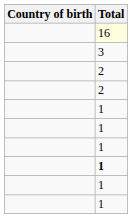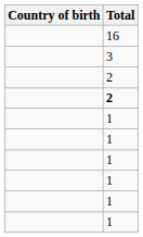 <table class="wikitable sortable">
 <tr>
 <th>Country of birth</th>
 <th>Total</th>
 </tr>
 <tr>
 <td></td>
-<td style="background: lightyellow;">16</td>
+<td>16</td>
 </tr>
 <tr>
 <td></td>
 <td>3</td>
 </tr>
 <tr>
 <td></td>
 <td>2</td>
 </tr>
 <tr>
 <td></td>
-<td>2</td>
+<td><strong>2</strong></td>
 </tr>
 <tr>
 <td></td>
 <td>1</td>
 </tr>
 <tr>
 <td></td>
 <td>1</td>
 </tr>
 <tr>
 <td></td>
 <td>1</td>
 </tr>
 <tr>
 <td></td>
-<td><strong>1</strong></td>
+<td>1</td>
 </tr>
 <tr>
 <td></td>
 <td>1</td>
 </tr>
 <tr>
 <td></td>
 <td>1</td>
 </tr>
 </table>
